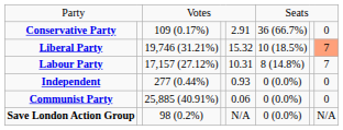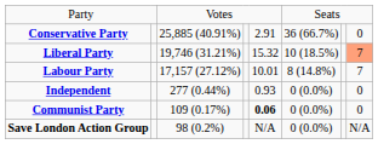 <table class=wikitable style="text-align:center;">
 <tr>
 <td colspan=2>Party</td>
 <td colspan=3>Votes</td>
 <td colspan=3>Seats</td>
 </tr>
 <tr>
 <td><strong><a href='#'>Conservative Party</a></strong></td>
 <td style="background:"></td>
-<td>109 (0.17%)</td>
+<td>25,885 (40.91%)</td>
 <td></td>
 <td> 2.91</td>
 <td>36 (66.7%)</td>
 <td></td>
 <td> 0</td>
 </tr>
 <tr>
 <td><strong><a href='#'>Liberal Party</a></strong></td>
 <td style="background:"></td>
 <td>19,746 (31.21%)</td>
 <td></td>
 <td> 15.32</td>
 <td>10  (18.5%)</td>
 <td></td>
 <td style="background: lightsalmon;"> 7</td>
 </tr>
 <tr>
 <td><strong><a href='#'>Labour Party</a></strong></td>
 <td style="background:"></td>
 <td>17,157 (27.12%)</td>
 <td></td>
-<td> 10.31</td>
+<td> 10.01</td>
 <td>8 (14.8%)</td>
 <td></td>
 <td> 7</td>
 </tr>
 <tr>
 <td><strong><a href='#'>Independent</a></strong></td>
 <td style="background:"></td>
 <td>277 (0.44%)</td>
 <td></td>
 <td> 0.93</td>
 <td>0  (0.0%)</td>
 <td></td>
 <td> 0</td>
 </tr>
 <tr>
 <td><strong><a href='#'>Communist Party</a></strong></td>
 <td style="background:"></td>
-<td>25,885 (40.91%)</td>
+<td>109 (0.17%)</td>
 <td></td>
-<td> 0.06</td>
+<td><strong> 0.06</strong></td>
 <td>0  (0.0%)</td>
 <td></td>
 <td> 0</td>
 </tr>
 <tr>
 <td><strong>Save London Action Group</strong></td>
 <td style="background:"></td>
 <td>98 (0.2%)</td>
 <td></td>
 <td>N/A</td>
 <td>0  (0.0%)</td>
 <td></td>
 <td>N/A</td>
 </tr>
 </table>
